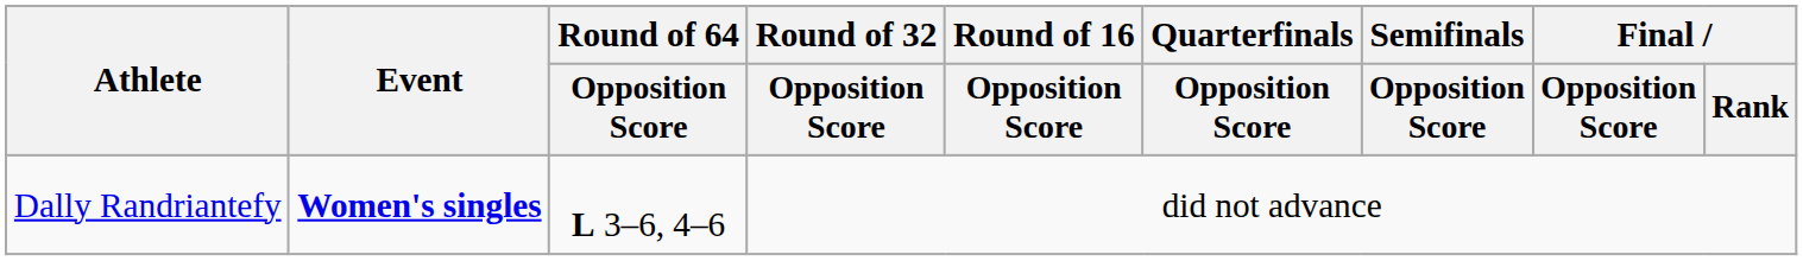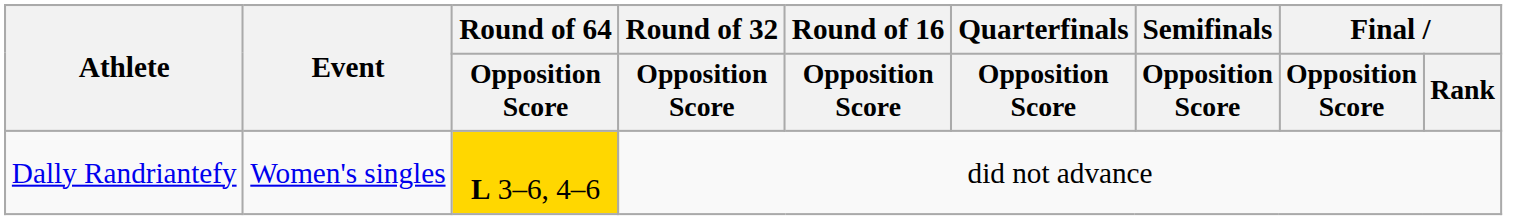 <table class=wikitable style="font-size:90%">
 <tr>
 <th rowspan="2">Athlete</th>
 <th rowspan="2">Event</th>
 <th>Round of 64</th>
 <th>Round of 32</th>
 <th>Round of 16</th>
 <th>Quarterfinals</th>
 <th>Semifinals</th>
 <th colspan=2>Final / </th>
 </tr>
 <tr style="font-size:95%">
 <th>Opposition<br>Score</th>
 <th>Opposition<br>Score</th>
 <th>Opposition<br>Score</th>
 <th>Opposition<br>Score</th>
 <th>Opposition<br>Score</th>
 <th>Opposition<br>Score</th>
 <th>Rank</th>
 </tr>
 <tr align=center>
 <td align=left><a href='#'>Dally Randriantefy</a></td>
-<td align=left><strong><a href='#'>Women's singles</a></strong></td>
-<td><br><strong>L</strong> 3–6, 4–6</td>
+<td align=left><a href='#'>Women's singles</a></td>
+<td style="background: gold;"><br><strong>L</strong> 3–6, 4–6</td>
 <td colspan=6>did not advance</td>
 </tr>
 </table>
